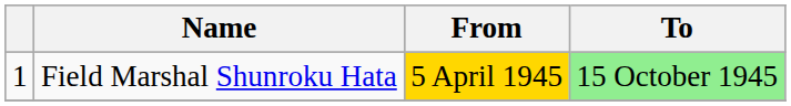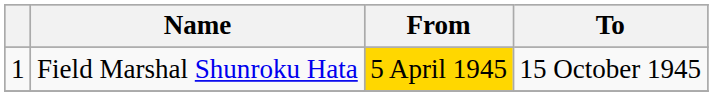 <table class=wikitable>
 <tr>
 <th></th>
 <th>Name</th>
 <th>From</th>
 <th>To</th>
 </tr>
 <tr>
 <td>1</td>
 <td>Field Marshal <a href='#'>Shunroku Hata</a></td>
 <td style="background: gold;">5 April 1945</td>
-<td style="background: lightgreen;">15 October 1945</td>
+<td>15 October 1945</td>
 </tr>
 <tr>
 </tr>
 </table>
